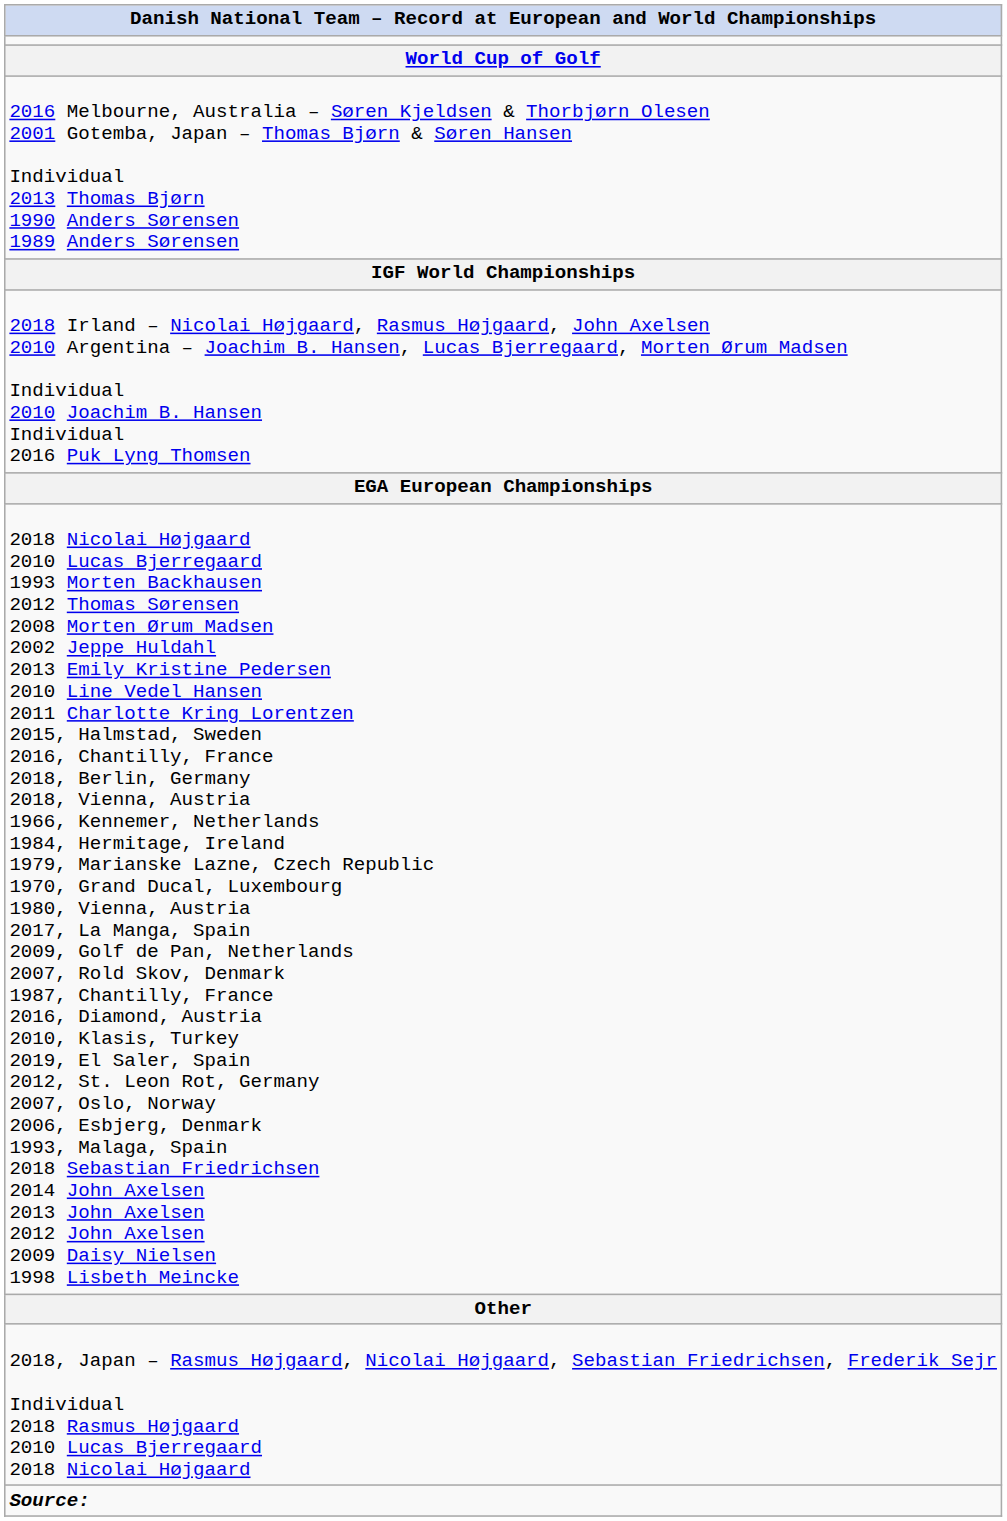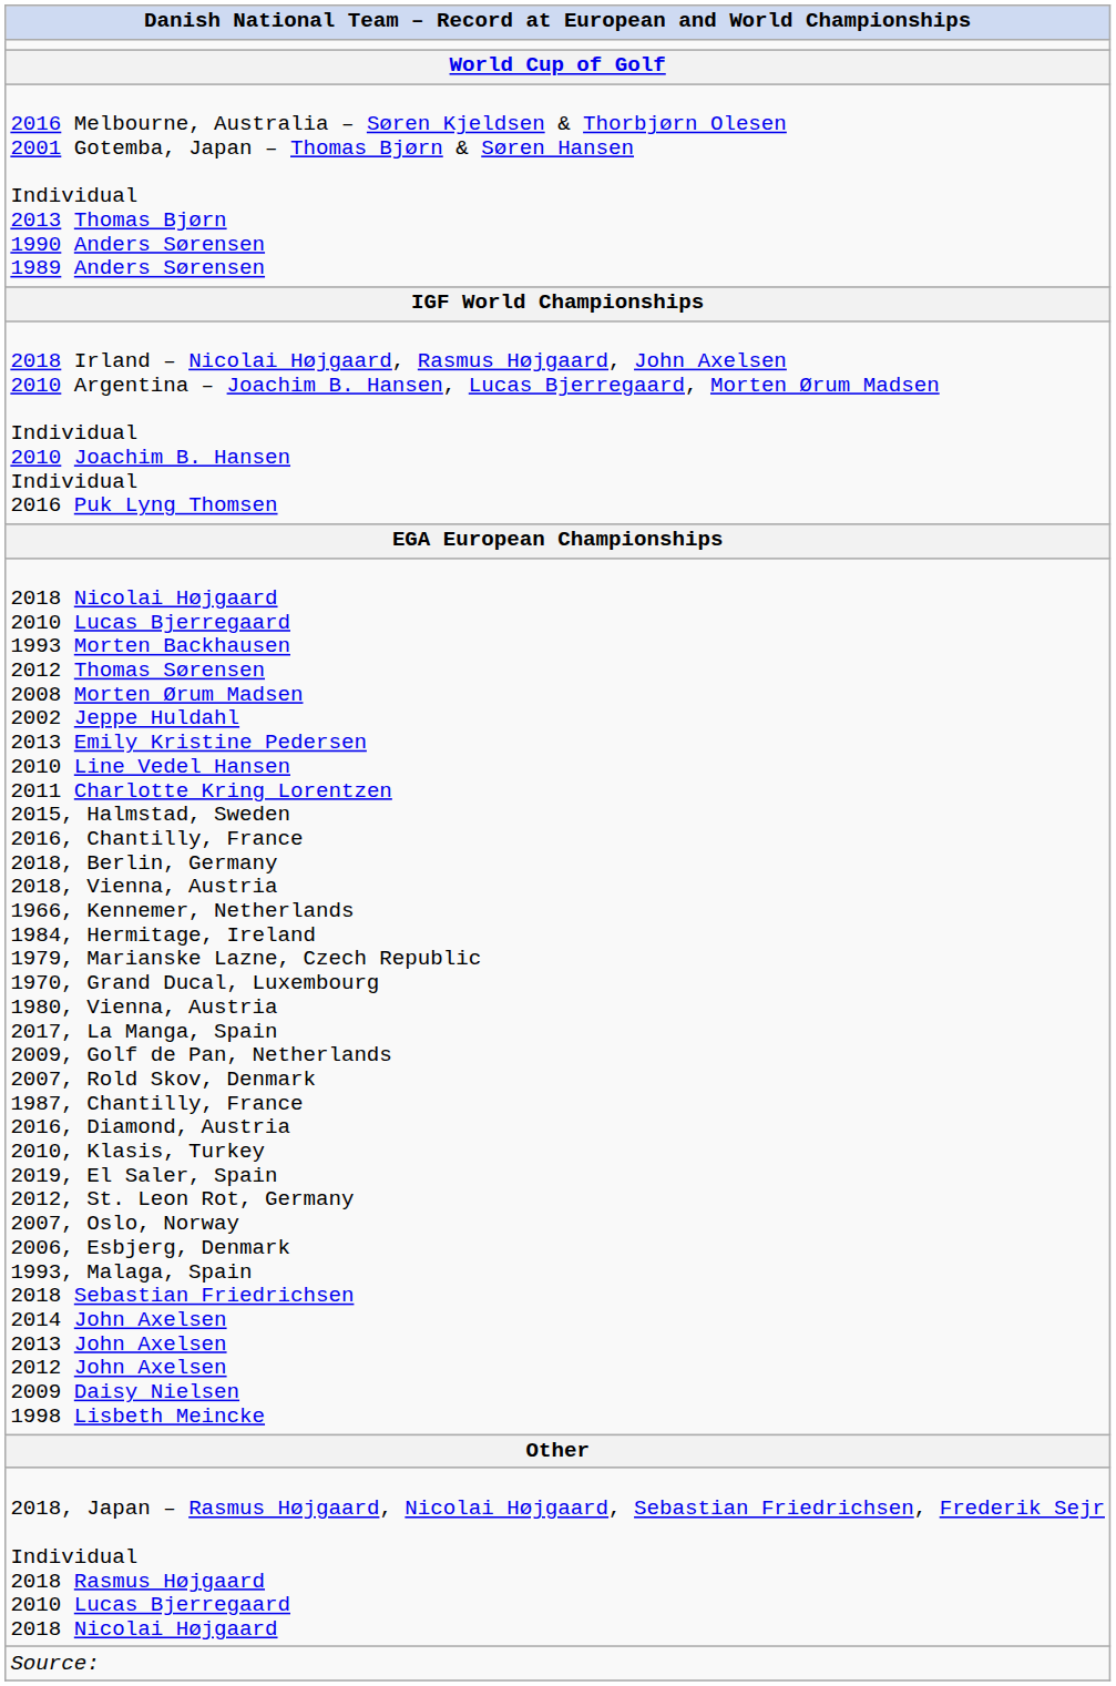 <table class="wikitable collapsible collapsed plainrowheaders" style="font-size:95%">
 <tr>
 <th colspan=9 style="background:#cedaf2;">Danish National Team – Record at European and World Championships</th>
 </tr>
 <tr>
 <td></td>
 </tr>
 <tr>
 <th><a href='#'>World Cup of Golf</a></th>
 </tr>
 <tr>
 <td><br> <a href='#'>2016</a> Melbourne, Australia – <a href='#'>Søren Kjeldsen</a> & <a href='#'>Thorbjørn Olesen</a> <br>  <a href='#'>2001</a> Gotemba, Japan – <a href='#'>Thomas Bjørn</a> & <a href='#'>Søren Hansen</a> <br><br>Individual<br>  <a href='#'>2013</a> <a href='#'>Thomas Bjørn</a> <br>  <a href='#'>1990</a> <a href='#'>Anders Sørensen</a><br>  <a href='#'>1989</a> <a href='#'>Anders Sørensen</a> <br></td>
 </tr>
 <tr>
 <th>IGF World Championships</th>
 </tr>
 <tr>
 <td><br> <a href='#'>2018</a> Irland – <a href='#'>Nicolai Højgaard</a>, <a href='#'>Rasmus Højgaard</a>, <a href='#'>John Axelsen</a> <br>  <a href='#'>2010</a> Argentina – <a href='#'>Joachim B. Hansen</a>, <a href='#'>Lucas Bjerregaard</a>, <a href='#'>Morten Ørum Madsen</a> <br><br>Individual <br>  <a href='#'>2010</a> <a href='#'>Joachim B. Hansen</a> <br>Individual <br>  2016 <a href='#'>Puk Lyng Thomsen</a> <br></td>
 </tr>
 <tr>
 <th>EGA European Championships</th>
 </tr>
 <tr>
 <td><br> 2018 <a href='#'>Nicolai Højgaard</a><br>  2010 <a href='#'>Lucas Bjerregaard</a><br>  1993 <a href='#'>Morten Backhausen</a><br>  2012 <a href='#'>Thomas Sørensen</a><br>  2008 <a href='#'>Morten Ørum Madsen</a><br>  2002 <a href='#'>Jeppe Huldahl</a><br> 2013 <a href='#'>Emily Kristine Pedersen</a><br>  2010 <a href='#'>Line Vedel Hansen</a><br>  2011 <a href='#'>Charlotte Kring Lorentzen</a> <br> 2015, Halmstad, Sweden<br>  2016, Chantilly, France<br>  2018, Berlin, Germany<br> 2018, Vienna, Austria<br> 1966, Kennemer, Netherlands<br>  1984, Hermitage, Ireland<br>  1979, Marianske Lazne, Czech Republic<br>  1970, Grand Ducal, Luxembourg <br> 1980, Vienna, Austria<br> 2017, La Manga, Spain<br>  2009, Golf de Pan, Netherlands<br>  2007, Rold Skov, Denmark<br>  1987, Chantilly, France<br>  2016, Diamond, Austria<br>  2010, Klasis, Turkey<br> 2019, El Saler, Spain<br>  2012, St. Leon Rot, Germany<br>  2007, Oslo, Norway<br>  2006, Esbjerg, Denmark<br>  1993, Malaga, Spain<br> 2018 <a href='#'>Sebastian Friedrichsen</a><br>  2014 <a href='#'>John Axelsen</a><br>  2013 <a href='#'>John Axelsen</a><br>  2012 <a href='#'>John Axelsen</a><br>  2009 <a href='#'>Daisy Nielsen</a> <br>  1998 <a href='#'>Lisbeth Meincke</a> <br></td>
 </tr>
 <tr>
 <th>Other</th>
 </tr>
 <tr>
 <td><br> 2018, Japan – <a href='#'>Rasmus Højgaard</a>, <a href='#'>Nicolai Højgaard</a>, <a href='#'>Sebastian Friedrichsen</a>, <a href='#'>Frederik Sejr</a><br><br>Individual<br>  2018 <a href='#'>Rasmus Højgaard</a><br>  2010 <a href='#'>Lucas Bjerregaard</a><br>  2018 <a href='#'>Nicolai Højgaard</a><br></td>
 </tr>
 <tr>
-<td><strong><em>Source:</em></strong></td>
+<td><em>Source:</em></td>
 </tr>
 </table>
